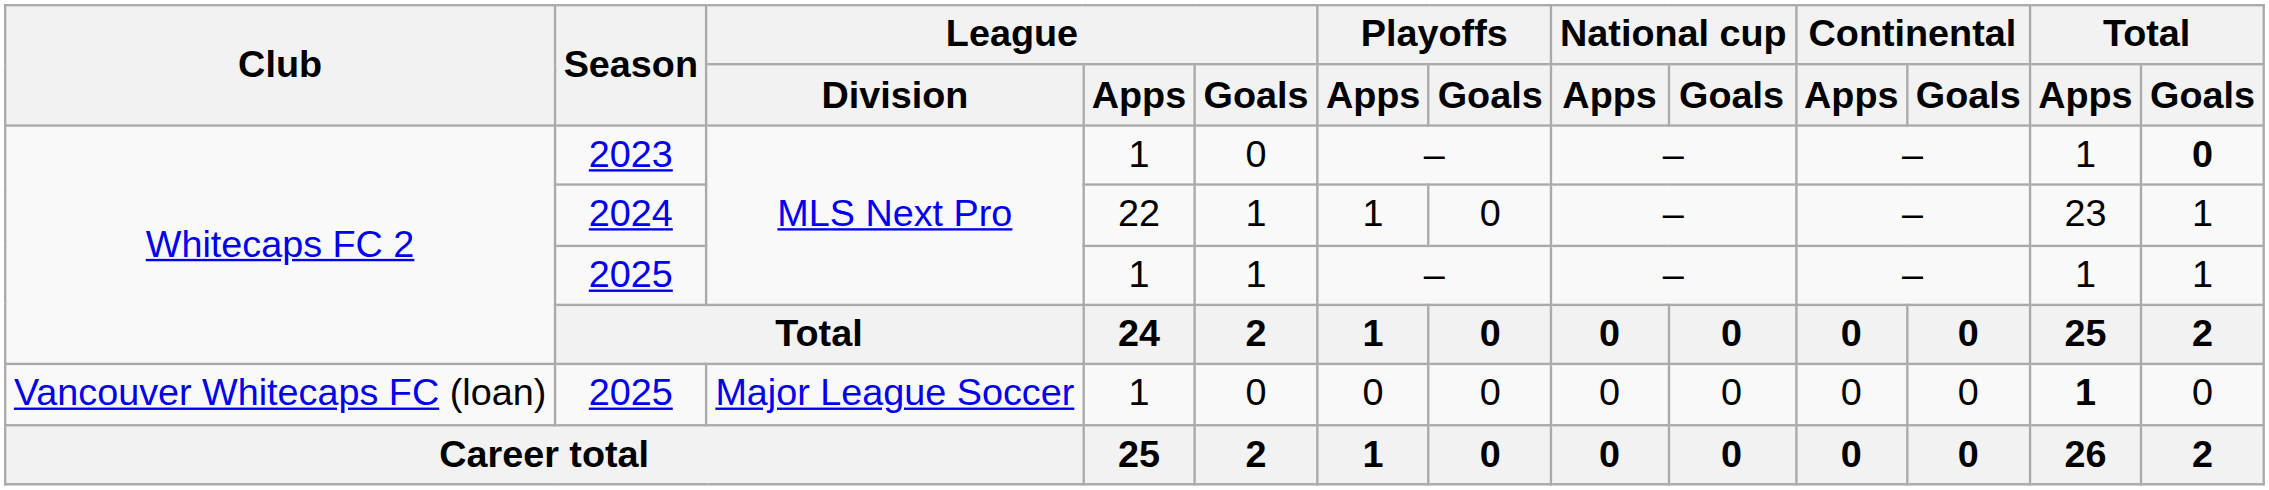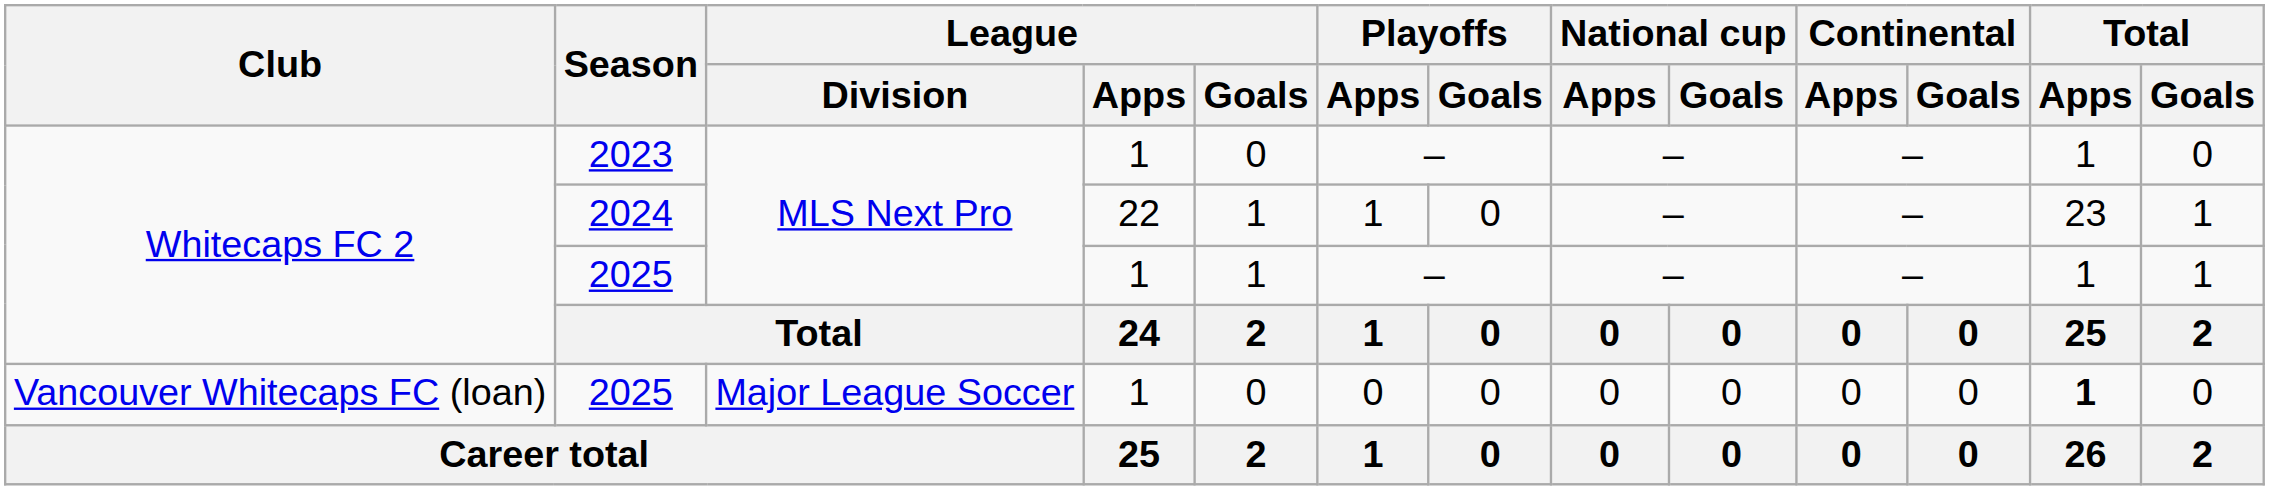 <table class="wikitable" style="text-align:center">
 <tr>
 <th rowspan="2">Club</th>
 <th rowspan="2">Season</th>
 <th colspan="3">League</th>
 <th colspan="2">Playoffs</th>
 <th colspan="2">National cup</th>
 <th colspan="2">Continental</th>
 <th colspan="2">Total</th>
 </tr>
 <tr>
 <th>Division</th>
 <th>Apps</th>
 <th>Goals</th>
 <th>Apps</th>
 <th>Goals</th>
 <th>Apps</th>
 <th>Goals</th>
 <th>Apps</th>
 <th>Goals</th>
 <th>Apps</th>
 <th>Goals</th>
 </tr>
 <tr>
 <td rowspan=4><a href='#'>Whitecaps FC 2</a></td>
 <td><a href='#'>2023</a></td>
 <td rowspan=3><a href='#'>MLS Next Pro</a></td>
 <td>1</td>
 <td>0</td>
 <td colspan=2>–</td>
 <td colspan=2>–</td>
 <td colspan=2>–</td>
 <td>1</td>
-<td><strong>0</strong></td>
+<td>0</td>
 </tr>
 <tr>
 <td><a href='#'>2024</a></td>
 <td>22</td>
 <td>1</td>
 <td>1</td>
 <td>0</td>
 <td colspan=2>–</td>
 <td colspan=2>–</td>
 <td>23</td>
 <td>1</td>
 </tr>
 <tr>
 <td><a href='#'>2025</a></td>
 <td>1</td>
 <td>1</td>
 <td colspan=2>–</td>
 <td colspan=2>–</td>
 <td colspan=2>–</td>
 <td>1</td>
 <td>1</td>
 </tr>
 <tr>
 <th colspan=2>Total</th>
 <th>24</th>
 <th>2</th>
 <th>1</th>
 <th>0</th>
 <th>0</th>
 <th>0</th>
 <th>0</th>
 <th>0</th>
 <th>25</th>
 <th>2</th>
 </tr>
 <tr>
 <td><a href='#'>Vancouver Whitecaps FC</a> (loan)</td>
 <td><a href='#'>2025</a></td>
 <td><a href='#'>Major League Soccer</a></td>
 <td>1</td>
 <td>0</td>
 <td>0</td>
 <td>0</td>
 <td>0</td>
 <td>0</td>
 <td>0</td>
 <td>0</td>
 <td><strong>1</strong></td>
 <td>0</td>
 </tr>
 <tr>
 <th colspan="3">Career total</th>
 <th>25</th>
 <th>2</th>
 <th>1</th>
 <th>0</th>
 <th>0</th>
 <th>0</th>
 <th>0</th>
 <th>0</th>
 <th>26</th>
 <th>2</th>
 </tr>
 </table>
